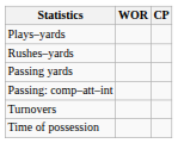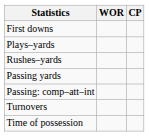 <table class="wikitable" style="float:left">
 <tr>
 <th>Statistics</th>
 <th>WOR</th>
 <th>CP</th>
+</tr>
+<tr>
+<td>First downs</td>
+<td></td>
+<td></td>
 </tr>
 <tr>
 <td>Plays–yards</td>
 <td></td>
 <td></td>
 </tr>
 <tr>
 <td>Rushes–yards</td>
 <td></td>
 <td></td>
 </tr>
 <tr>
 <td>Passing yards</td>
 <td></td>
 <td></td>
 </tr>
 <tr>
 <td>Passing: comp–att–int</td>
 <td></td>
 <td></td>
 </tr>
 <tr>
 <td>Turnovers</td>
 <td></td>
 <td></td>
 </tr>
 <tr>
 <td>Time of possession</td>
 <td></td>
 <td></td>
 </tr>
 </table>
